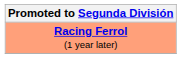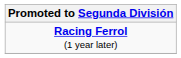 <table class="wikitable" style="text-align: center; margin: 0 auto;">
 <tr>
 <th colspan="2">Promoted to <a href='#'>Segunda División</a></th>
 </tr>
 <tr>
-<td style="background: lightsalmon;"><strong><a href='#'>Racing Ferrol</a></strong><br><small>(1 year later)</small></td>
+<td><strong><a href='#'>Racing Ferrol</a></strong><br><small>(1 year later)</small></td>
 </tr>
 <tr>
 </tr>
 </table>
